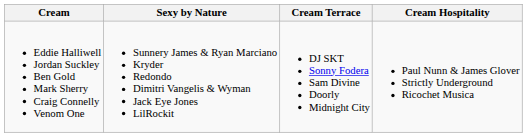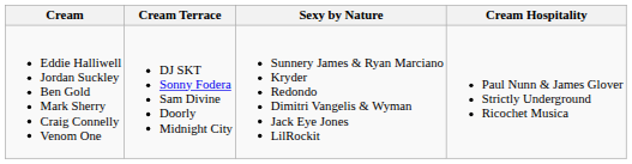 <table class="wikitable">
 <tr>
 <th>Cream</th>
+<th>Cream Terrace</th>
 <th>Sexy by Nature</th>
-<th>Cream Terrace</th>
 <th>Cream Hospitality</th>
 </tr>
 <tr>
 <td><br><ul><li>Eddie Halliwell</li><li>Jordan Suckley</li><li>Ben Gold</li><li>Mark Sherry</li><li>Craig Connelly</li><li>Venom One</li></ul></td>
+<td><br><ul><li>DJ SKT</li><li><a href='#'>Sonny Fodera</a></li><li>Sam Divine</li><li>Doorly</li><li>Midnight City</li></ul></td>
 <td><br><ul><li>Sunnery James & Ryan Marciano</li><li>Kryder</li><li>Redondo</li><li>Dimitri Vangelis & Wyman</li><li>Jack Eye Jones</li><li>LilRockit</li></ul></td>
-<td><br><ul><li>DJ SKT</li><li><a href='#'>Sonny Fodera</a></li><li>Sam Divine</li><li>Doorly</li><li>Midnight City</li></ul></td>
 <td><br><ul><li>Paul Nunn & James Glover</li><li>Strictly Underground</li><li>Ricochet Musica</li></ul></td>
 </tr>
 </table>
